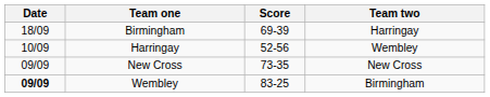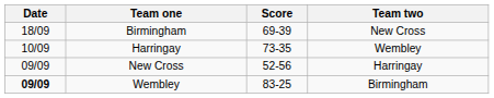 <table class="wikitable" style="text-align: center">
 <tr>
 <th width=80>Date</th>
 <th width=250>Team one</th>
 <th width=80>Score</th>
 <th width=250>Team two</th>
 </tr>
 <tr>
 <td>18/09</td>
 <td>Birmingham</td>
 <td>69-39</td>
-<td>Harringay</td>
+<td>New Cross</td>
 </tr>
 <tr>
 <td>10/09</td>
 <td>Harringay</td>
-<td>52-56</td>
+<td>73-35</td>
 <td>Wembley</td>
 </tr>
 <tr>
 <td>09/09</td>
 <td>New Cross</td>
-<td>73-35</td>
-<td>New Cross</td>
+<td>52-56</td>
+<td>Harringay</td>
 </tr>
 <tr>
 <td><strong>09/09</strong></td>
 <td>Wembley</td>
 <td>83-25</td>
 <td>Birmingham</td>
 </tr>
 </table>
